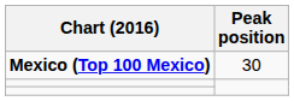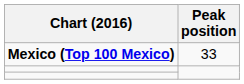 <table class="wikitable sortable">
 <tr>
 <th>Chart (2016)</th>
 <th>Peak<br>position</th>
 </tr>
 <tr>
 <td><strong>Mexico (<a href='#'>Top 100 Mexico</a>)</strong></td>
-<td style="text-align:center;">30</td>
+<td style="text-align:center;">33</td>
 </tr>
 <tr>
 <td></td>
 </tr>
 <tr>
 <td></td>
 </tr>
 </table>
